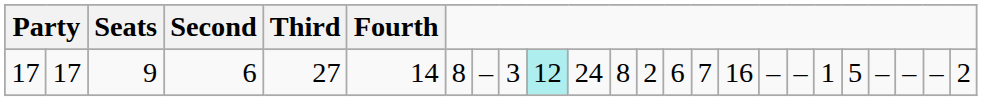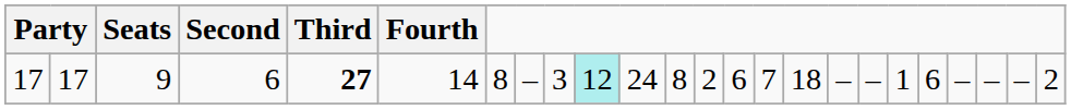 <table class="wikitable" style="text-align:right;">
 <tr>
 <th colspan=2>Party</th>
 <th>Seats</th>
 <th>Second</th>
 <th>Third</th>
 <th>Fourth</th>
 </tr>
 <tr>
 <td>17</td>
 <td>17</td>
 <td>9</td>
 <td>6<br></td>
-<td>27</td>
+<td><strong>27</strong></td>
 <td>14</td>
 <td>8</td>
 <td>–<br></td>
 <td>3</td>
 <td style="background: paleturquoise;">12</td>
 <td>24</td>
 <td>8<br></td>
 <td>2</td>
 <td>6</td>
 <td>7</td>
-<td>16<br></td>
+<td>18<br></td>
 <td>–</td>
 <td>–</td>
 <td>1</td>
-<td>5<br></td>
+<td>6<br></td>
 <td>–</td>
 <td>–</td>
 <td>–</td>
 <td>2</td>
 </tr>
 </table>
